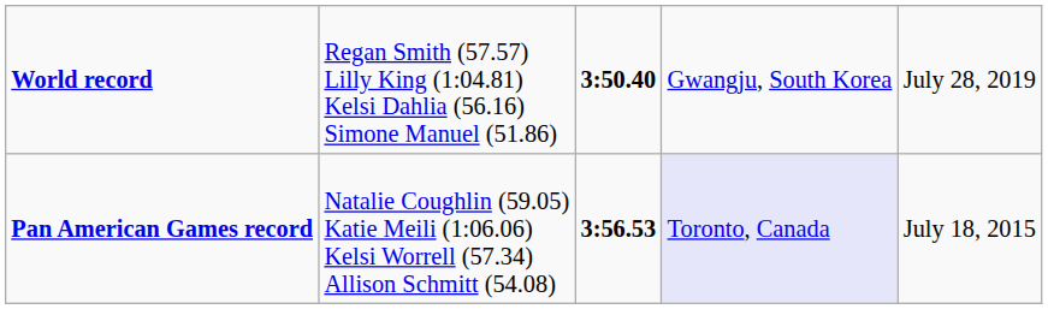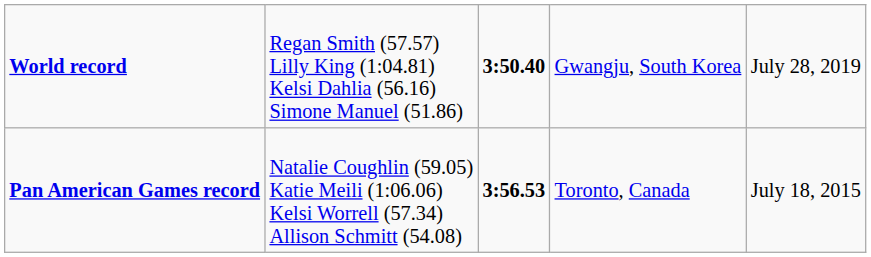 <table class="wikitable">
 <tr>
 <td><strong><a href='#'>World record</a></strong></td>
 <td><br><a href='#'>Regan Smith</a> (57.57)<br><a href='#'>Lilly King</a> (1:04.81)<br><a href='#'>Kelsi Dahlia</a> (56.16)<br><a href='#'>Simone Manuel</a> (51.86)</td>
 <td><strong>3:50.40</strong></td>
 <td><a href='#'>Gwangju</a>, <a href='#'>South Korea</a></td>
 <td>July 28, 2019</td>
 </tr>
 <tr>
 <td><strong><a href='#'>Pan American Games record</a></strong></td>
 <td><br><a href='#'>Natalie Coughlin</a> (59.05)<br><a href='#'>Katie Meili</a> (1:06.06)<br><a href='#'>Kelsi Worrell</a> (57.34)<br><a href='#'>Allison Schmitt</a> (54.08)</td>
 <td><strong>3:56.53</strong></td>
-<td style="background: lavender;"><a href='#'>Toronto</a>, <a href='#'>Canada</a></td>
+<td><a href='#'>Toronto</a>, <a href='#'>Canada</a></td>
 <td>July 18, 2015</td>
 </tr>
 </table>
